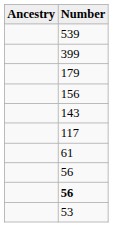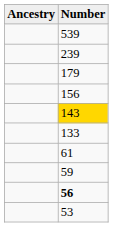 <table style="float: center;" class="wikitable">
 <tr>
 <th style="background:#efefef;">Ancestry</th>
 <th style="background:#efefef;">Number</th>
 </tr>
 <tr>
 <td></td>
 <td>539</td>
 </tr>
 <tr>
 <td></td>
-<td>399</td>
+<td>239</td>
 </tr>
 <tr>
 <td></td>
 <td>179</td>
 </tr>
 <tr>
 <td></td>
 <td>156</td>
 </tr>
 <tr>
 <td></td>
-<td>143</td>
+<td style="background: gold;">143</td>
 </tr>
 <tr>
 <td></td>
-<td>117</td>
+<td>133</td>
 </tr>
 <tr>
 <td></td>
 <td>61</td>
 </tr>
 <tr>
 <td></td>
-<td>56</td>
+<td>59</td>
 </tr>
 <tr>
 <td></td>
 <td><strong>56</strong></td>
 </tr>
 <tr>
 <td></td>
 <td>53</td>
 </tr>
 </table>
